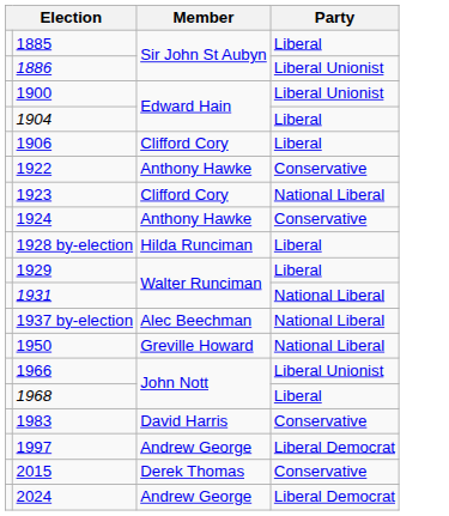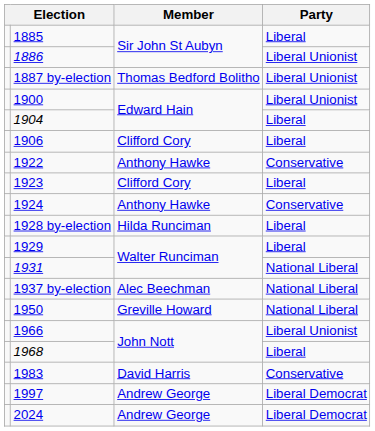 <table class="wikitable">
 <tr>
 <th colspan=2>Election</th>
 <th>Member</th>
 <th>Party</th>
 </tr>
 <tr>
 <td style="color:inherit;background-color: "></td>
 <td><a href='#'>1885</a></td>
 <td rowspan="2"><a href='#'>Sir John St Aubyn</a></td>
 <td><a href='#'>Liberal</a></td>
 </tr>
 <tr>
 <td style="color:inherit;background-color: "></td>
 <td><em><a href='#'>1886</a></em></td>
+<td><a href='#'>Liberal Unionist</a></td>
+</tr>
+<tr>
+<td style="color:inherit;background-color: "></td>
+<td><a href='#'>1887 by-election</a></td>
+<td><a href='#'>Thomas Bedford Bolitho</a></td>
 <td><a href='#'>Liberal Unionist</a></td>
 </tr>
 <tr>
 <td style="color:inherit;background-color: "></td>
 <td><a href='#'>1900</a></td>
 <td rowspan="2"><a href='#'>Edward Hain</a></td>
 <td><a href='#'>Liberal Unionist</a></td>
 </tr>
 <tr>
 <td style="color:inherit;background-color: "></td>
 <td><em>1904</em></td>
 <td><a href='#'>Liberal</a></td>
 </tr>
 <tr>
 <td style="color:inherit;background-color: "></td>
 <td><a href='#'>1906</a></td>
 <td><a href='#'>Clifford Cory</a></td>
 <td><a href='#'>Liberal</a></td>
 </tr>
 <tr>
 <td style="color:inherit;background-color: "></td>
 <td><a href='#'>1922</a></td>
 <td><a href='#'>Anthony Hawke</a></td>
 <td><a href='#'>Conservative</a></td>
 </tr>
 <tr>
 <td style="color:inherit;background-color: "></td>
 <td><a href='#'>1923</a></td>
 <td><a href='#'>Clifford Cory</a></td>
-<td><a href='#'>National Liberal</a></td>
+<td><a href='#'>Liberal</a></td>
 </tr>
 <tr>
 <td style="color:inherit;background-color: "></td>
 <td><a href='#'>1924</a></td>
 <td><a href='#'>Anthony Hawke</a></td>
 <td><a href='#'>Conservative</a></td>
 </tr>
 <tr>
 <td style="color:inherit;background-color: "></td>
 <td><a href='#'>1928 by-election</a></td>
 <td><a href='#'>Hilda Runciman</a></td>
 <td><a href='#'>Liberal</a></td>
 </tr>
 <tr>
 <td style="color:inherit;background-color: "></td>
 <td><a href='#'>1929</a></td>
 <td rowspan="2"><a href='#'>Walter Runciman</a></td>
 <td><a href='#'>Liberal</a></td>
 </tr>
 <tr>
 <td style="color:inherit;background-color: "></td>
 <td><em><a href='#'>1931</a></em></td>
 <td><a href='#'>National Liberal</a></td>
 </tr>
 <tr>
 <td style="color:inherit;background-color: "></td>
 <td><a href='#'>1937 by-election</a></td>
 <td><a href='#'>Alec Beechman</a></td>
 <td><a href='#'>National Liberal</a></td>
 </tr>
 <tr>
 <td style="color:inherit;background-color: "></td>
 <td><a href='#'>1950</a></td>
 <td><a href='#'>Greville Howard</a></td>
 <td><a href='#'>National Liberal</a></td>
 </tr>
 <tr>
 <td style="color:inherit;background-color: "></td>
 <td><a href='#'>1966</a></td>
 <td rowspan="2"><a href='#'>John Nott</a></td>
 <td><a href='#'>Liberal Unionist</a></td>
 </tr>
 <tr>
 <td style="color:inherit;background-color: "></td>
 <td><em>1968</em></td>
 <td><a href='#'>Liberal</a></td>
 </tr>
 <tr>
 <td style="color:inherit;background-color: "></td>
 <td><a href='#'>1983</a></td>
 <td><a href='#'>David Harris</a></td>
 <td><a href='#'>Conservative</a></td>
 </tr>
 <tr>
 <td style="color:inherit;background-color: "></td>
 <td><a href='#'>1997</a></td>
 <td><a href='#'>Andrew George</a></td>
 <td><a href='#'>Liberal Democrat</a></td>
 </tr>
 <tr>
 <td style="color:inherit;background-color: "></td>
-<td><a href='#'>2015</a></td>
-<td><a href='#'>Derek Thomas</a></td>
-<td><a href='#'>Conservative</a></td>
-</tr>
-<tr>
-<td style="color:inherit;background-color: "></td>
 <td><a href='#'>2024</a></td>
 <td><a href='#'>Andrew George</a></td>
 <td><a href='#'>Liberal Democrat</a></td>
 </tr>
 </table>
